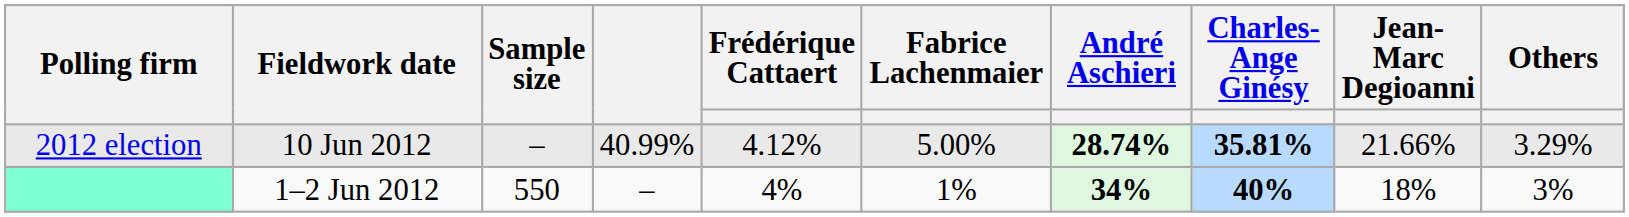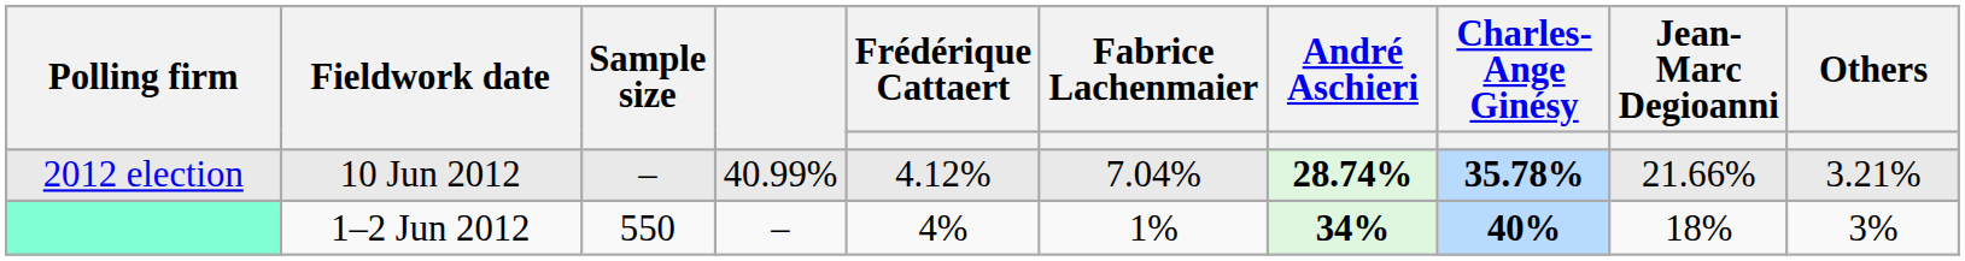 <table class="wikitable sortable" style="text-align:center;font-size:90%;line-height:14px;">
 <tr style="height:40px;">
 <th style="width:100px;" rowspan="2">Polling firm</th>
 <th style="width:110px;" rowspan="2">Fieldwork date</th>
 <th style="width:35px;" rowspan="2">Sample<br>size</th>
 <th style="width:30px;" rowspan="2"></th>
 <th class="unsortable" style="width:60px;">Frédérique Cattaert<br></th>
 <th class="unsortable" style="width:60px;">Fabrice Lachenmaier<br></th>
 <th class="unsortable" style="width:60px;"><a href='#'>André Aschieri</a><br></th>
 <th class="unsortable" style="width:60px;"><a href='#'>Charles-Ange Ginésy</a><br></th>
 <th class="unsortable" style="width:60px;">Jean-Marc Degioanni<br></th>
 <th class="unsortable" style="width:60px;">Others</th>
 </tr>
 <tr>
 <th style="background:"></th>
 <th style="background:"></th>
 <th style="background:"></th>
 <th style="background:"></th>
 <th style="background:"></th>
 <th style="background:"></th>
 </tr>
 <tr style="background:#E9E9E9;">
 <td><a href='#'>2012 election</a></td>
 <td data-sort-value="2012-06-10">10 Jun 2012</td>
 <td>–</td>
 <td>40.99%</td>
 <td>4.12%</td>
-<td>5.00%</td>
+<td>7.04%</td>
 <td style="background:#DEF7DE;"><strong>28.74%</strong></td>
-<td style="background:#B9DAFF;"><strong>35.81%</strong></td>
+<td style="background:#B9DAFF;"><strong>35.78%</strong></td>
 <td>21.66%</td>
-<td>3.29%</td>
+<td>3.21%</td>
 </tr>
 <tr>
 <td style="background:aquamarine;"></td>
 <td data-sort-value="2012-06-02">1–2 Jun 2012</td>
 <td>550</td>
 <td>–</td>
 <td>4%</td>
 <td>1%</td>
 <td style="background:#DEF7DE;"><strong>34%</strong></td>
 <td style="background:#B9DAFF;"><strong>40%</strong></td>
 <td>18%</td>
 <td>3%</td>
 </tr>
 </table>
